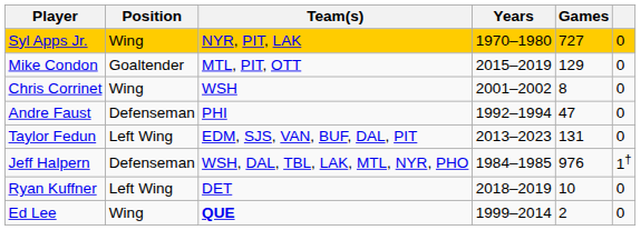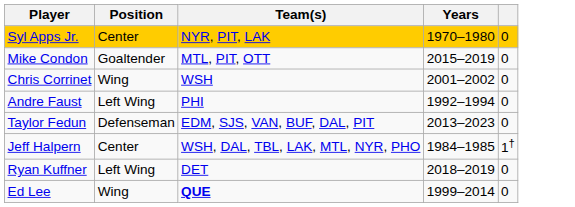 <table class="wikitable sortable">
 <tr>
 <th>Player</th>
 <th>Position</th>
 <th>Team(s)</th>
 <th>Years</th>
-<th>Games</th>
 <th><a href='#'></a></th>
 </tr>
 <tr bgcolor=#FFCC00>
 <td><a href='#'>Syl Apps Jr.</a></td>
-<td>Wing</td>
+<td>Center</td>
 <td><a href='#'>NYR</a>, <a href='#'>PIT</a>, <a href='#'>LAK</a></td>
 <td>1970–1980</td>
-<td>727</td>
 <td>0</td>
 </tr>
 <tr>
 <td><a href='#'>Mike Condon</a></td>
 <td>Goaltender</td>
 <td><a href='#'>MTL</a>, <a href='#'>PIT</a>, <a href='#'>OTT</a></td>
 <td>2015–2019</td>
-<td>129</td>
 <td>0</td>
 </tr>
 <tr>
 <td><a href='#'>Chris Corrinet</a></td>
 <td>Wing</td>
 <td><a href='#'>WSH</a></td>
 <td>2001–2002</td>
-<td>8</td>
 <td>0</td>
 </tr>
 <tr>
 <td><a href='#'>Andre Faust</a></td>
-<td>Defenseman</td>
+<td>Left Wing</td>
 <td><a href='#'>PHI</a></td>
 <td>1992–1994</td>
-<td>47</td>
 <td>0</td>
 </tr>
 <tr>
 <td><a href='#'>Taylor Fedun</a></td>
-<td>Left Wing</td>
+<td>Defenseman</td>
 <td><a href='#'>EDM</a>, <a href='#'>SJS</a>, <a href='#'>VAN</a>, <a href='#'>BUF</a>, <a href='#'>DAL</a>, <a href='#'>PIT</a></td>
 <td>2013–2023</td>
-<td>131</td>
 <td>0</td>
 </tr>
 <tr>
 <td><a href='#'>Jeff Halpern</a></td>
-<td>Defenseman</td>
+<td>Center</td>
 <td><a href='#'>WSH</a>, <a href='#'>DAL</a>, <a href='#'>TBL</a>, <a href='#'>LAK</a>, <a href='#'>MTL</a>, <a href='#'>NYR</a>, <a href='#'>PHO</a></td>
 <td>1984–1985</td>
-<td>976</td>
 <td>1<sup>†</sup></td>
 </tr>
 <tr>
 <td><a href='#'>Ryan Kuffner</a></td>
 <td>Left Wing</td>
 <td><a href='#'>DET</a></td>
 <td>2018–2019</td>
-<td>10</td>
 <td>0</td>
 </tr>
 <tr>
 <td><a href='#'>Ed Lee</a></td>
 <td>Wing</td>
 <td><strong><a href='#'>QUE</a></strong></td>
 <td>1999–2014</td>
-<td>2</td>
 <td>0</td>
 </tr>
 </table>
